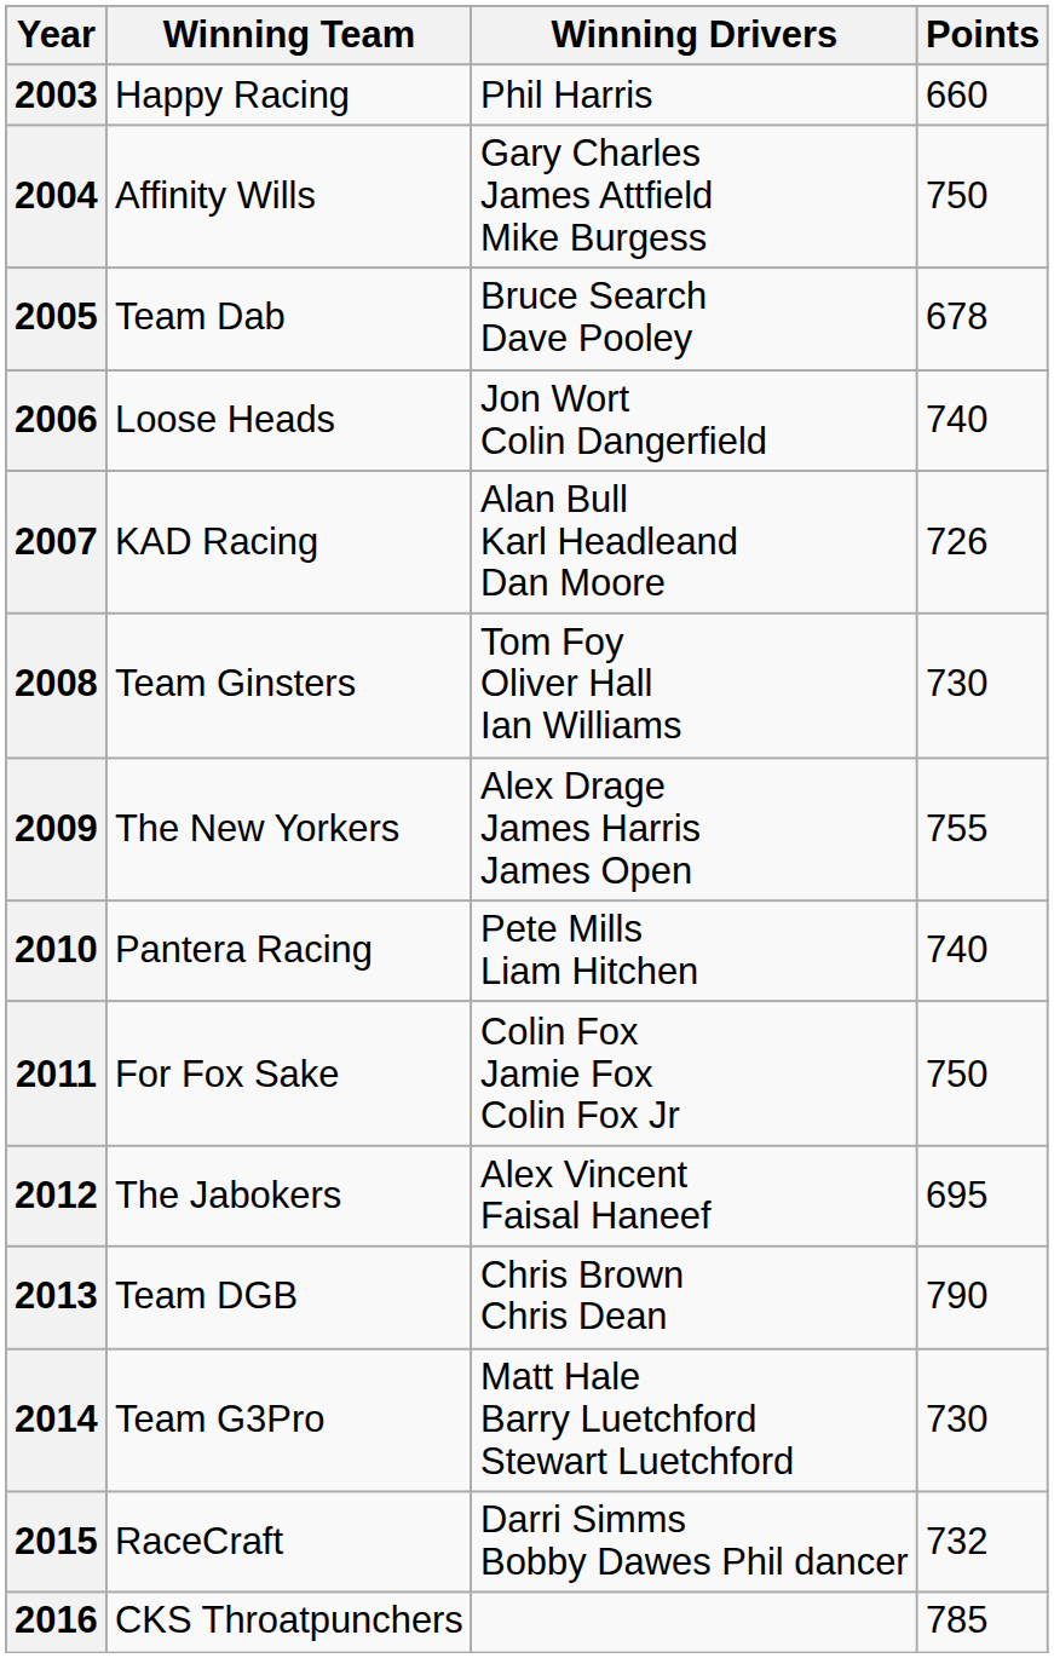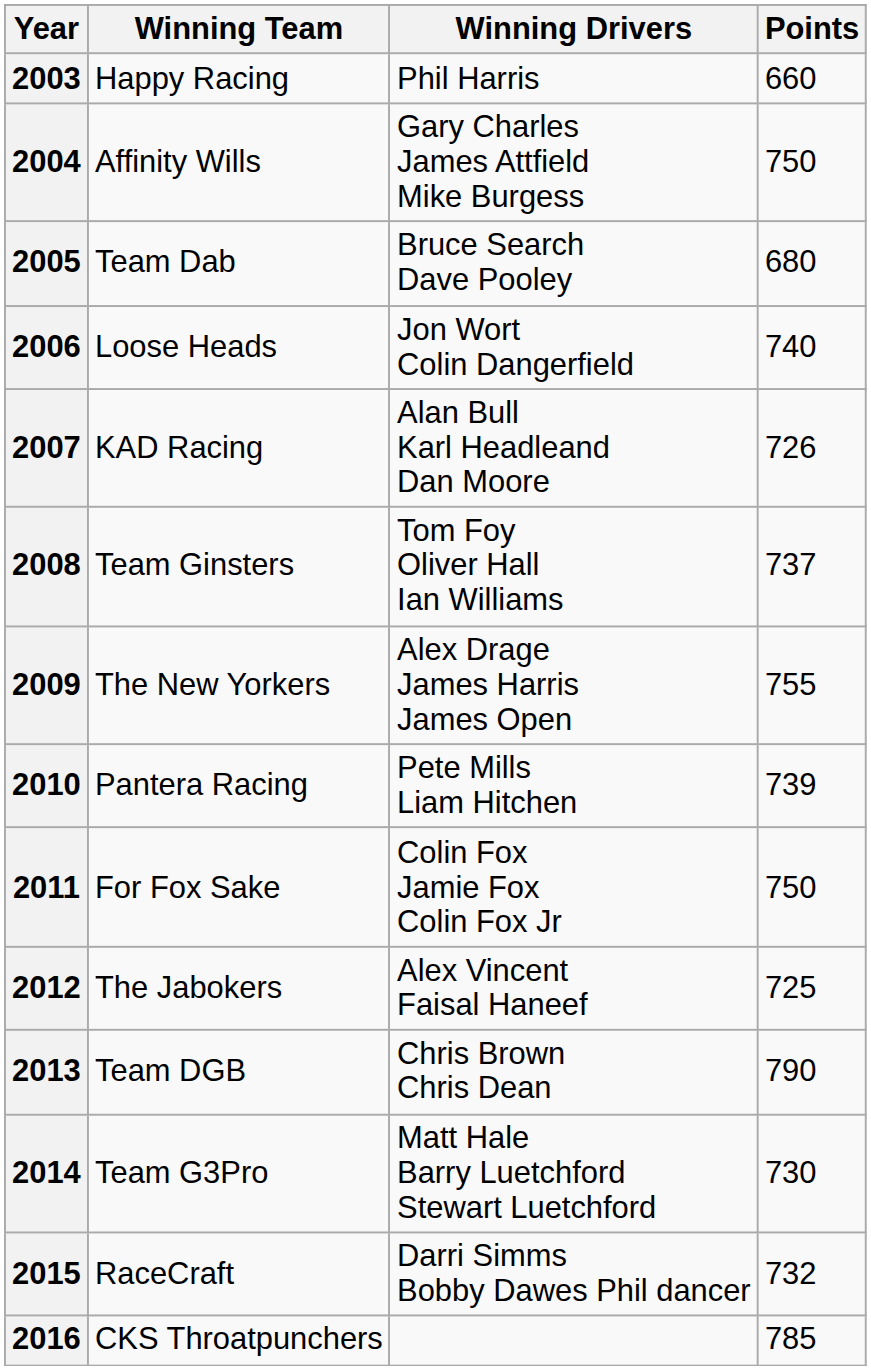 <table class="wikitable">
 <tr>
 <th>Year</th>
 <th>Winning Team</th>
 <th>Winning Drivers</th>
 <th>Points</th>
 </tr>
 <tr>
 <th>2003</th>
 <td>Happy Racing</td>
 <td>Phil Harris</td>
 <td>660</td>
 </tr>
 <tr>
 <th>2004</th>
 <td>Affinity Wills</td>
 <td>Gary Charles<br>James Attfield<br>Mike Burgess</td>
 <td>750</td>
 </tr>
 <tr>
 <th>2005</th>
 <td>Team Dab</td>
 <td>Bruce Search<br>Dave Pooley</td>
-<td>678</td>
+<td>680</td>
 </tr>
 <tr>
 <th>2006</th>
 <td>Loose Heads</td>
 <td>Jon Wort<br>Colin Dangerfield</td>
 <td>740</td>
 </tr>
 <tr>
 <th>2007</th>
 <td>KAD Racing</td>
 <td>Alan Bull<br>Karl Headleand<br>Dan Moore</td>
 <td>726</td>
 </tr>
 <tr>
 <th>2008</th>
 <td>Team Ginsters</td>
 <td>Tom Foy<br>Oliver Hall<br>Ian Williams</td>
-<td>730</td>
+<td>737</td>
 </tr>
 <tr>
 <th>2009</th>
 <td>The New Yorkers</td>
 <td>Alex Drage<br>James Harris<br>James Open</td>
 <td>755</td>
 </tr>
 <tr>
 <th>2010</th>
 <td>Pantera Racing</td>
 <td>Pete Mills<br>Liam Hitchen</td>
-<td>740</td>
+<td>739</td>
 </tr>
 <tr>
 <th>2011</th>
 <td>For Fox Sake</td>
 <td>Colin Fox<br>Jamie Fox<br>Colin Fox Jr</td>
 <td>750</td>
 </tr>
 <tr>
 <th>2012</th>
 <td>The Jabokers</td>
 <td>Alex Vincent<br>Faisal Haneef</td>
-<td>695</td>
+<td>725</td>
 </tr>
 <tr>
 <th>2013</th>
 <td>Team DGB</td>
 <td>Chris Brown<br>Chris Dean</td>
 <td>790</td>
 </tr>
 <tr>
 <th>2014</th>
 <td>Team G3Pro</td>
 <td>Matt Hale<br>Barry Luetchford<br>Stewart Luetchford</td>
 <td>730</td>
 </tr>
 <tr>
 <th>2015</th>
 <td>RaceCraft</td>
 <td>Darri Simms<br>Bobby Dawes Phil dancer</td>
 <td>732</td>
 </tr>
 <tr>
 <th>2016</th>
 <td>CKS Throatpunchers</td>
 <td></td>
 <td>785</td>
 </tr>
 </table>
